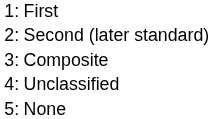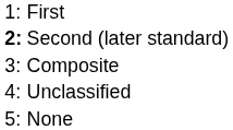 <table>
 <tr>
 <td>1:</td>
 <td>First</td>
 </tr>
 <tr>
-<td>2:</td>
+<td><strong>2:</strong></td>
 <td>Second (later standard)</td>
 </tr>
 <tr>
 <td>3:</td>
 <td>Composite</td>
 </tr>
 <tr>
 <td>4:</td>
 <td>Unclassified</td>
 </tr>
 <tr>
 <td>5:</td>
 <td>None</td>
 </tr>
 </table>
